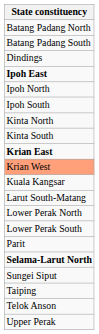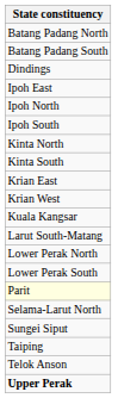 <table class=wikitable>
 <tr>
 <th>State constituency</th>
 </tr>
 <tr>
 <td>Batang Padang North</td>
 </tr>
 <tr>
 <td>Batang Padang South</td>
 </tr>
 <tr>
 <td>Dindings</td>
 </tr>
 <tr>
-<td><strong>Ipoh East</strong></td>
+<td>Ipoh East</td>
 </tr>
 <tr>
 <td>Ipoh North</td>
 </tr>
 <tr>
 <td>Ipoh South</td>
 </tr>
 <tr>
 <td>Kinta North</td>
 </tr>
 <tr>
 <td>Kinta South</td>
 </tr>
 <tr>
-<td><strong>Krian East</strong></td>
+<td>Krian East</td>
 </tr>
 <tr>
-<td style="background: lightsalmon;">Krian West</td>
+<td>Krian West</td>
 </tr>
 <tr>
 <td>Kuala Kangsar</td>
 </tr>
 <tr>
 <td>Larut South-Matang</td>
 </tr>
 <tr>
 <td>Lower Perak North</td>
 </tr>
 <tr>
 <td>Lower Perak South</td>
 </tr>
 <tr>
-<td>Parit</td>
+<td style="background: lightyellow;">Parit</td>
 </tr>
 <tr>
-<td><strong>Selama-Larut North</strong></td>
+<td>Selama-Larut North</td>
 </tr>
 <tr>
 <td>Sungei Siput</td>
 </tr>
 <tr>
 <td>Taiping</td>
 </tr>
 <tr>
 <td>Telok Anson</td>
 </tr>
 <tr>
-<td>Upper Perak</td>
+<td><strong>Upper Perak</strong></td>
 </tr>
 </table>
